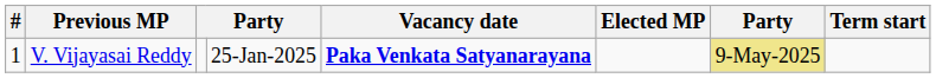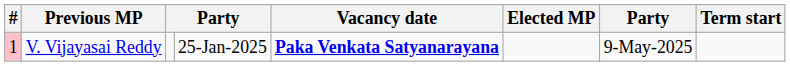 <table class="wikitable" style="text-align:center;">
 <tr>
 <th>#</th>
 <th>Previous MP</th>
 <th colspan="2">Party</th>
 <th>Vacancy date</th>
 <th>Elected MP</th>
 <th colspan="2">Party</th>
 <th>Term start</th>
 </tr>
 <tr>
-<td>1</td>
+<td style="background: pink;">1</td>
 <td><a href='#'>V. Vijayasai Reddy</a></td>
 <td></td>
 <td>25-Jan-2025</td>
 <td><strong><a href='#'>Paka Venkata Satyanarayana</a></strong></td>
 <td></td>
-<td style="background: khaki;">9-May-2025</td>
+<td>9-May-2025</td>
 </tr>
 </table>
